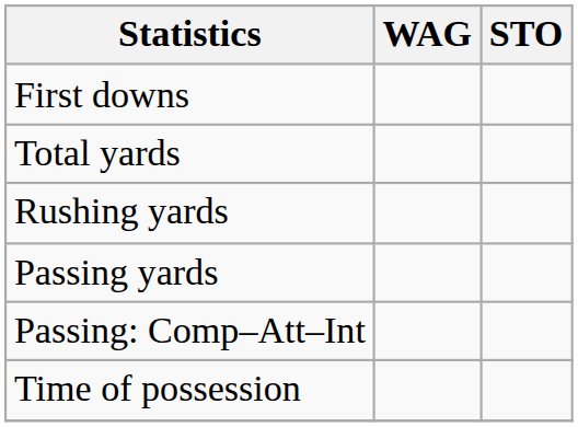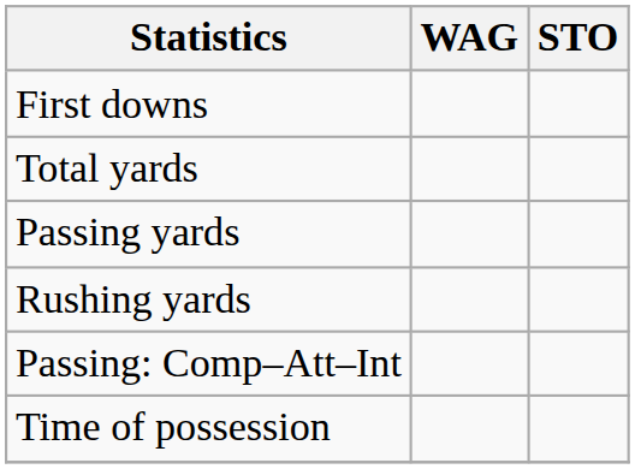 <table class="wikitable" style="float: left;">
 <tr>
 <th>Statistics</th>
 <th>WAG</th>
 <th>STO</th>
 </tr>
 <tr>
 <td>First downs</td>
 <td></td>
 <td></td>
 </tr>
 <tr>
 <td>Total yards</td>
 <td></td>
 <td></td>
 </tr>
 <tr>
-<td>Rushing yards</td>
+<td>Passing yards</td>
 <td></td>
 <td></td>
 </tr>
 <tr>
-<td>Passing yards</td>
+<td>Rushing yards</td>
 <td></td>
 <td></td>
 </tr>
 <tr>
 <td>Passing: Comp–Att–Int</td>
 <td></td>
 <td></td>
 </tr>
 <tr>
 <td>Time of possession</td>
 <td></td>
 <td></td>
 </tr>
 <tr>
 </tr>
 </table>
